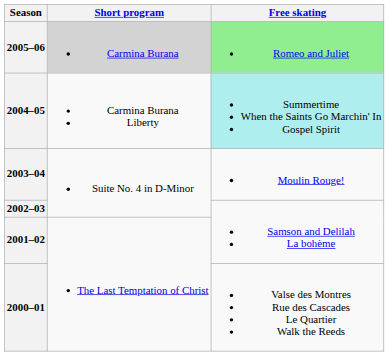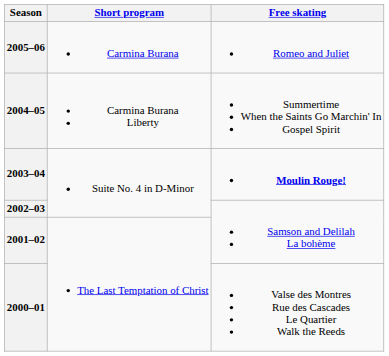 <table class="wikitable" style="text-align:center">
 <tr>
 <th>Season</th>
 <th><a href='#'>Short program</a></th>
 <th><a href='#'>Free skating</a></th>
 </tr>
 <tr>
 <th>2005–06 <br> </th>
-<td style="background: lightgrey;"><br><ul><li><a href='#'>Carmina Burana</a> <br></li></ul></td>
-<td style="background: lightgreen;"><br><ul><li><a href='#'>Romeo and Juliet</a> <br></li></ul></td>
+<td><br><ul><li><a href='#'>Carmina Burana</a> <br></li></ul></td>
+<td><br><ul><li><a href='#'>Romeo and Juliet</a> <br></li></ul></td>
 </tr>
 <tr>
 <th>2004–05 <br> </th>
 <td><br><ul><li>Carmina Burana <br></li><li>Liberty <br></li></ul></td>
-<td style="background: paleturquoise;"><br><ul><li>Summertime <br></li><li>When the Saints Go Marchin' In</li><li>Gospel Spirit <br></li></ul></td>
+<td><br><ul><li>Summertime <br></li><li>When the Saints Go Marchin' In</li><li>Gospel Spirit <br></li></ul></td>
 </tr>
 <tr>
 <th>2003–04 <br> </th>
 <td rowspan=2><br><ul><li>Suite No. 4 in D-Minor <br></li></ul></td>
-<td><br><ul><li><a href='#'>Moulin Rouge!</a> <br></li></ul></td>
+<td><strong><br><ul><li><a href='#'>Moulin Rouge!</a> <br></li></ul></strong></td>
 </tr>
 <tr>
 <th>2002–03 <br> </th>
 <td rowspan=2><br><ul><li><a href='#'>Samson and Delilah</a> <br></li><li><a href='#'>La bohème</a> <br></li></ul></td>
 </tr>
 <tr>
 <th>2001–02 <br> </th>
 <td rowspan=2><br><ul><li><a href='#'>The Last Temptation of Christ</a> <br></li></ul></td>
 </tr>
 <tr>
 <th>2000–01 <br> </th>
 <td><br><ul><li>Valse des Montres</li><li>Rue des Cascades</li><li>Le Quartier <br></li><li>Walk the Reeds <br></li></ul></td>
 </tr>
 </table>
